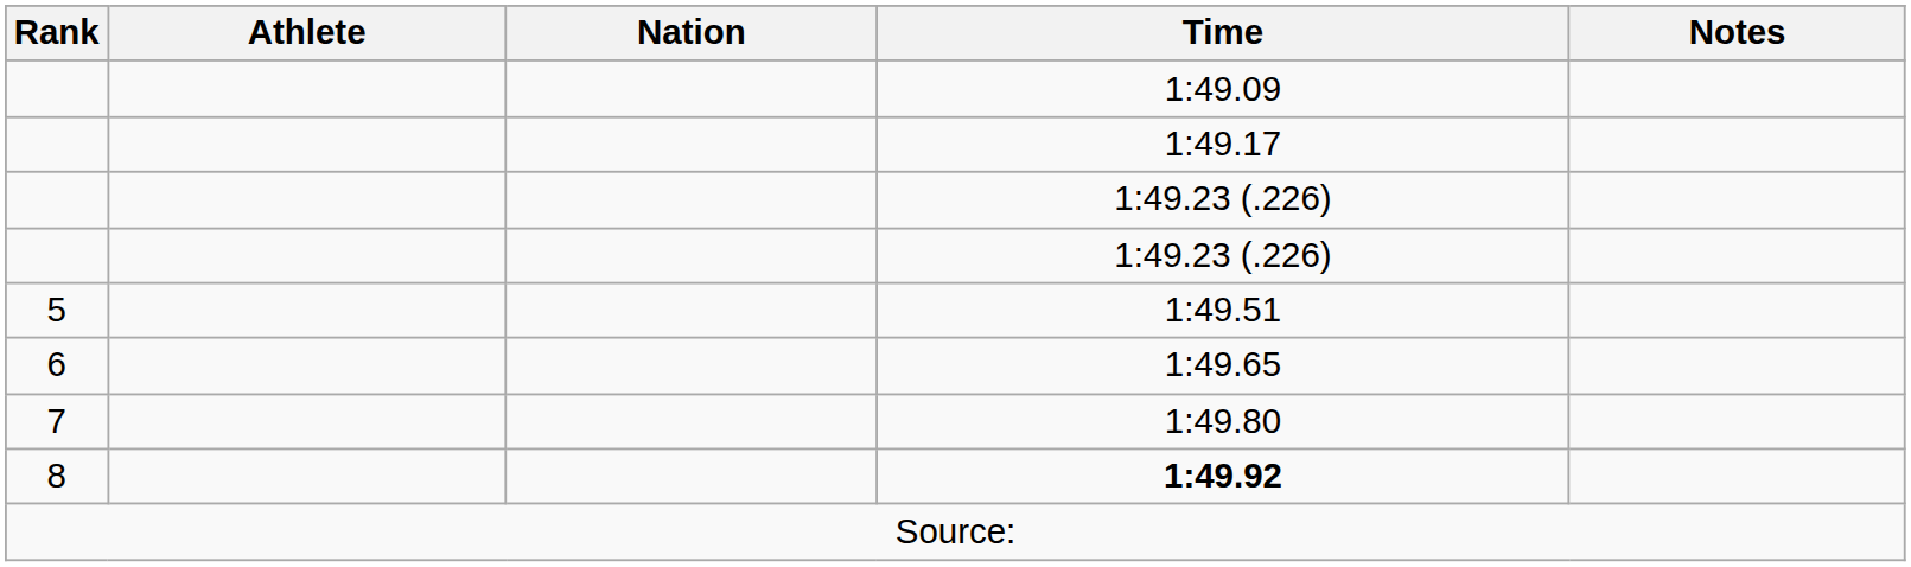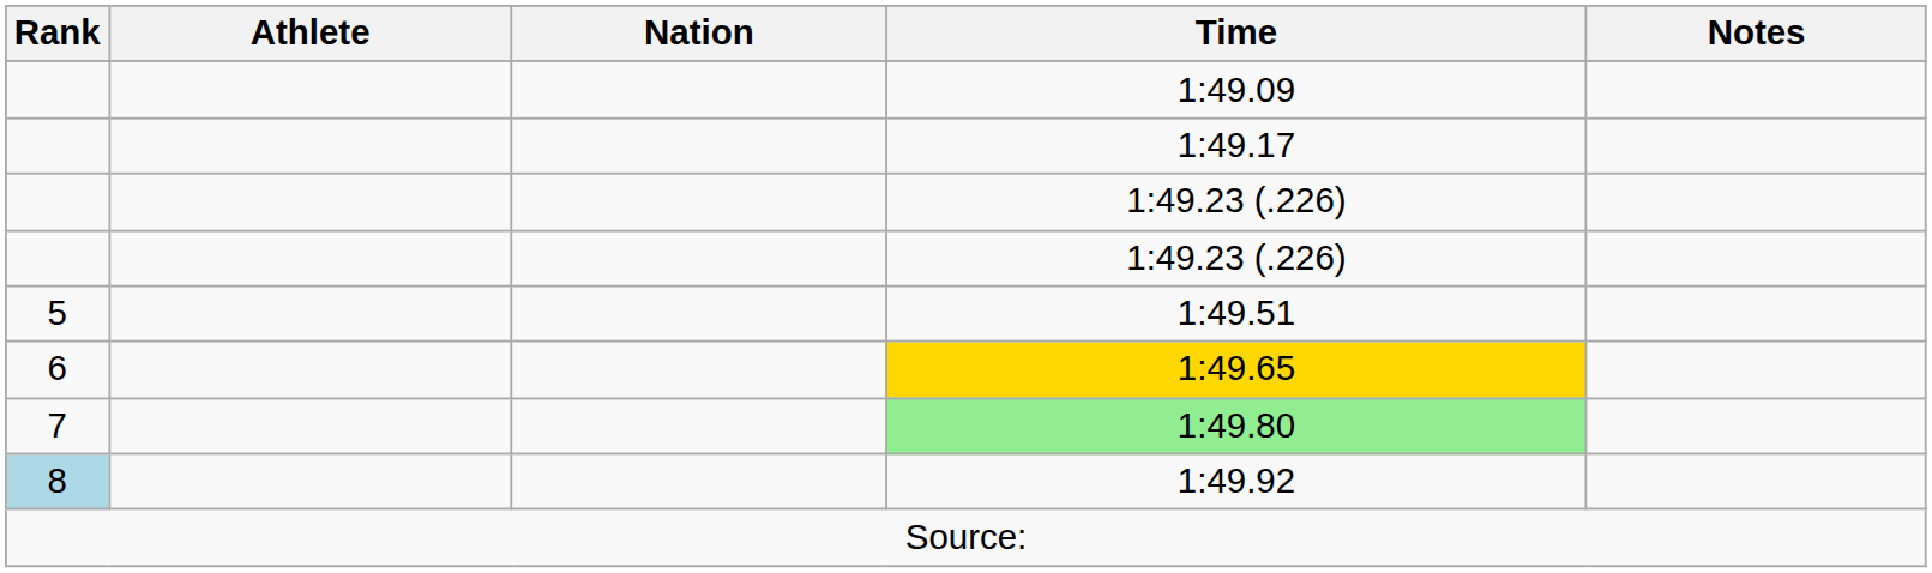 <table class="wikitable sortable" style="text-align:center;width: 55%;">
 <tr>
 <th scope="col" style="width: 10px;">Rank</th>
 <th scope="col">Athlete</th>
 <th scope="col">Nation</th>
 <th scope="col">Time</th>
 <th scope="col">Notes</th>
 </tr>
 <tr>
 <td></td>
 <td align=left></td>
 <td align=left></td>
 <td>1:49.09</td>
 <td></td>
 </tr>
 <tr>
 <td></td>
 <td align=left></td>
 <td align=left></td>
 <td>1:49.17</td>
 <td></td>
 </tr>
 <tr>
 <td></td>
 <td align=left></td>
 <td align=left></td>
 <td>1:49.23 (.226)</td>
 <td></td>
 </tr>
 <tr>
 <td></td>
 <td align=left></td>
 <td align=left></td>
 <td>1:49.23 (.226)</td>
 <td></td>
 </tr>
 <tr>
 <td>5</td>
 <td align=left></td>
 <td align=left></td>
 <td>1:49.51</td>
 <td></td>
 </tr>
 <tr>
 <td>6</td>
 <td align=left></td>
 <td align=left></td>
-<td>1:49.65</td>
+<td style="background: gold;">1:49.65</td>
 <td></td>
 </tr>
 <tr>
 <td>7</td>
 <td align=left></td>
 <td align=left></td>
-<td>1:49.80</td>
+<td style="background: lightgreen;">1:49.80</td>
 <td></td>
 </tr>
 <tr>
-<td>8</td>
+<td style="background: lightblue;">8</td>
 <td align=left></td>
 <td align=left></td>
-<td><strong>1:49.92</strong></td>
+<td>1:49.92</td>
 <td></td>
 </tr>
 <tr class="sortbottom">
 <td colspan="5">Source:</td>
 </tr>
 </table>
